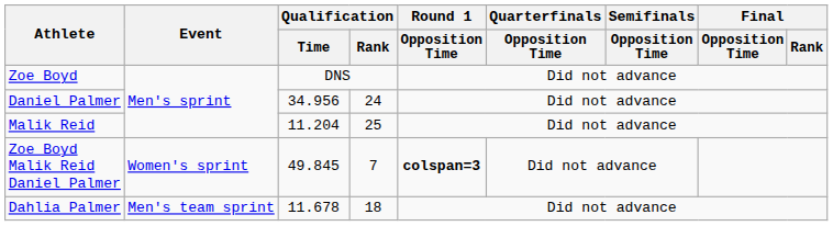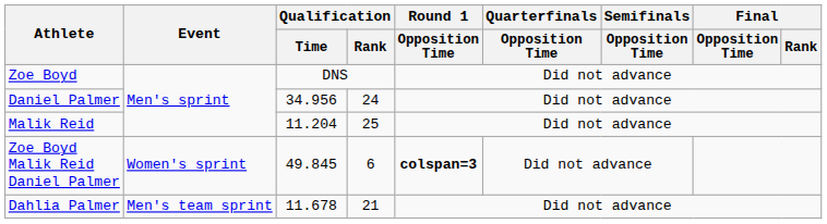 <table class="wikitable" style="font-size:90%;">
 <tr>
 <th rowspan=2>Athlete</th>
 <th rowspan=2>Event</th>
 <th colspan=2>Qualification</th>
 <th>Round 1</th>
 <th>Quarterfinals</th>
 <th>Semifinals</th>
 <th colspan=2>Final</th>
 </tr>
 <tr style="font-size:95%">
 <th>Time</th>
 <th>Rank</th>
 <th>Opposition<br>Time</th>
 <th>Opposition<br>Time</th>
 <th>Opposition<br>Time</th>
 <th>Opposition<br>Time</th>
 <th>Rank</th>
 </tr>
 <tr align=center>
 <td align=left><a href='#'>Zoe Boyd</a></td>
 <td align=left rowspan=3><a href='#'>Men's sprint</a></td>
 <td colspan=2>DNS</td>
 <td colspan=6>Did not advance</td>
 </tr>
 <tr align=center>
 <td align=left><a href='#'>Daniel Palmer</a></td>
 <td>34.956</td>
 <td>24</td>
 <td colspan=5>Did not advance</td>
 </tr>
 <tr align=center>
 <td align=left><a href='#'>Malik Reid</a></td>
 <td>11.204</td>
 <td>25</td>
 <td colspan=5>Did not advance</td>
 </tr>
 <tr align=center>
 <td align=left><a href='#'>Zoe Boyd</a><br><a href='#'>Malik Reid</a><br><a href='#'>Daniel Palmer</a></td>
 <td align=left rowspan=1><a href='#'>Women's sprint</a></td>
 <td>49.845</td>
-<td>7</td>
+<td>6</td>
 <td><strong>colspan=3 </strong></td>
 <td colspan=2>Did not advance</td>
 </tr>
 <tr align=center>
 <td align=left><a href='#'>Dahlia Palmer</a></td>
 <td align=left><a href='#'>Men's team sprint</a></td>
 <td>11.678</td>
-<td>18</td>
+<td>21</td>
 <td colspan=5>Did not advance</td>
 </tr>
 </table>
